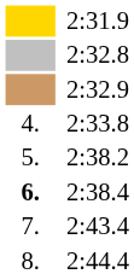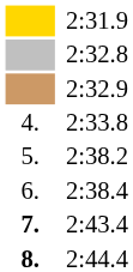 <table style="text-align:center">
 <tr>
 <td width=30 style="background:gold;"></td>
 <td align=left></td>
 <td>2:31.9</td>
 </tr>
 <tr>
 <td style="background:silver;"></td>
 <td align=left></td>
 <td>2:32.8</td>
 </tr>
 <tr>
 <td style="background:#cc9966;"></td>
 <td align=left></td>
 <td>2:32.9</td>
 </tr>
 <tr>
 <td>4.</td>
 <td align=left></td>
 <td>2:33.8</td>
 </tr>
 <tr>
 <td>5.</td>
 <td align=left></td>
 <td>2:38.2</td>
 </tr>
 <tr>
-<td><strong>6.</strong></td>
+<td>6.</td>
 <td align=left></td>
 <td>2:38.4</td>
 </tr>
 <tr>
-<td>7.</td>
+<td><strong>7.</strong></td>
 <td align=left></td>
 <td>2:43.4</td>
 </tr>
 <tr>
-<td>8.</td>
+<td><strong>8.</strong></td>
 <td align=left></td>
 <td>2:44.4</td>
 </tr>
 </table>
